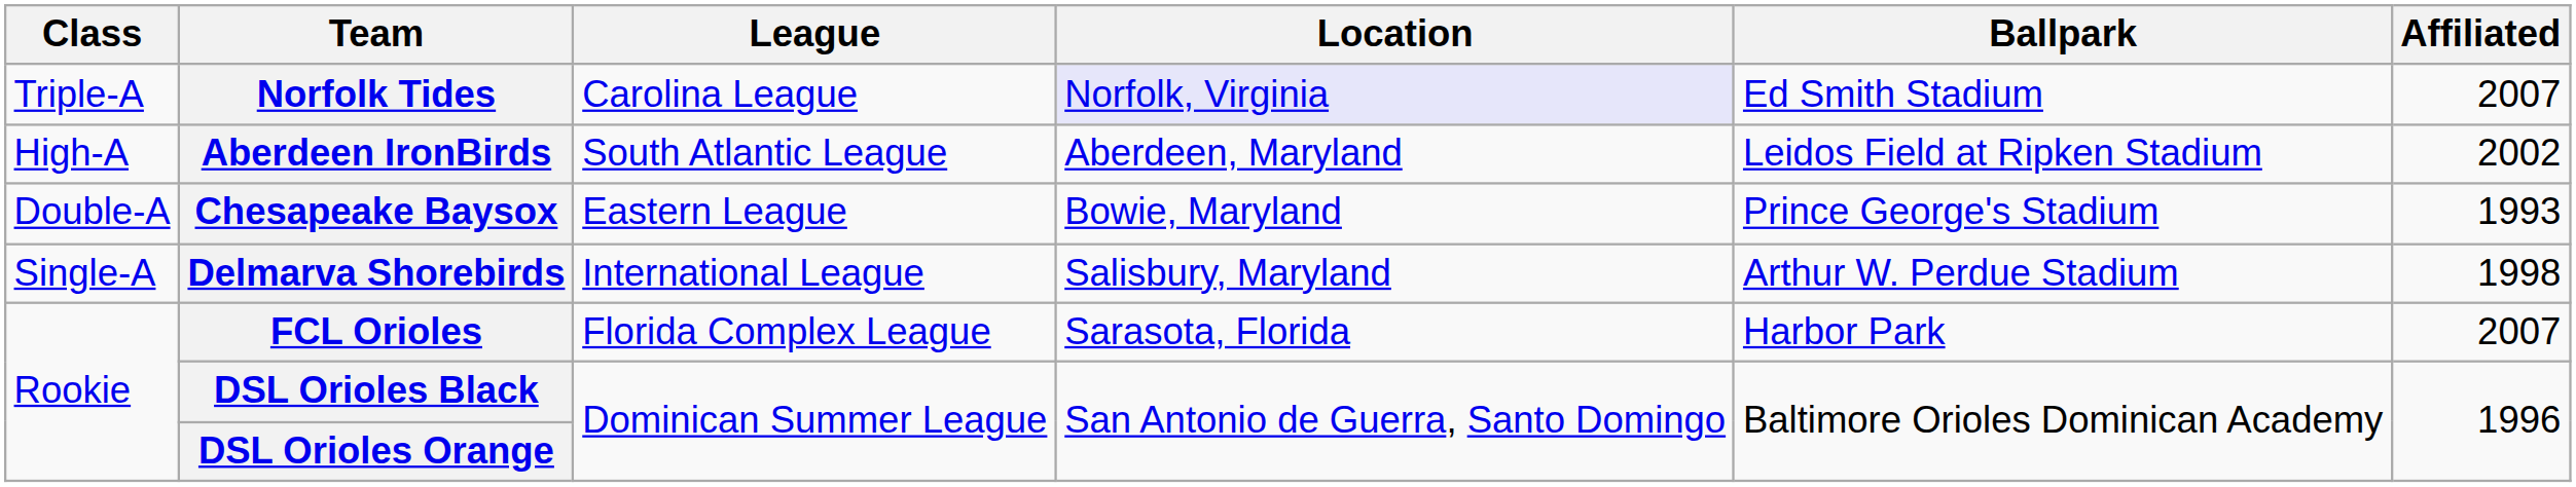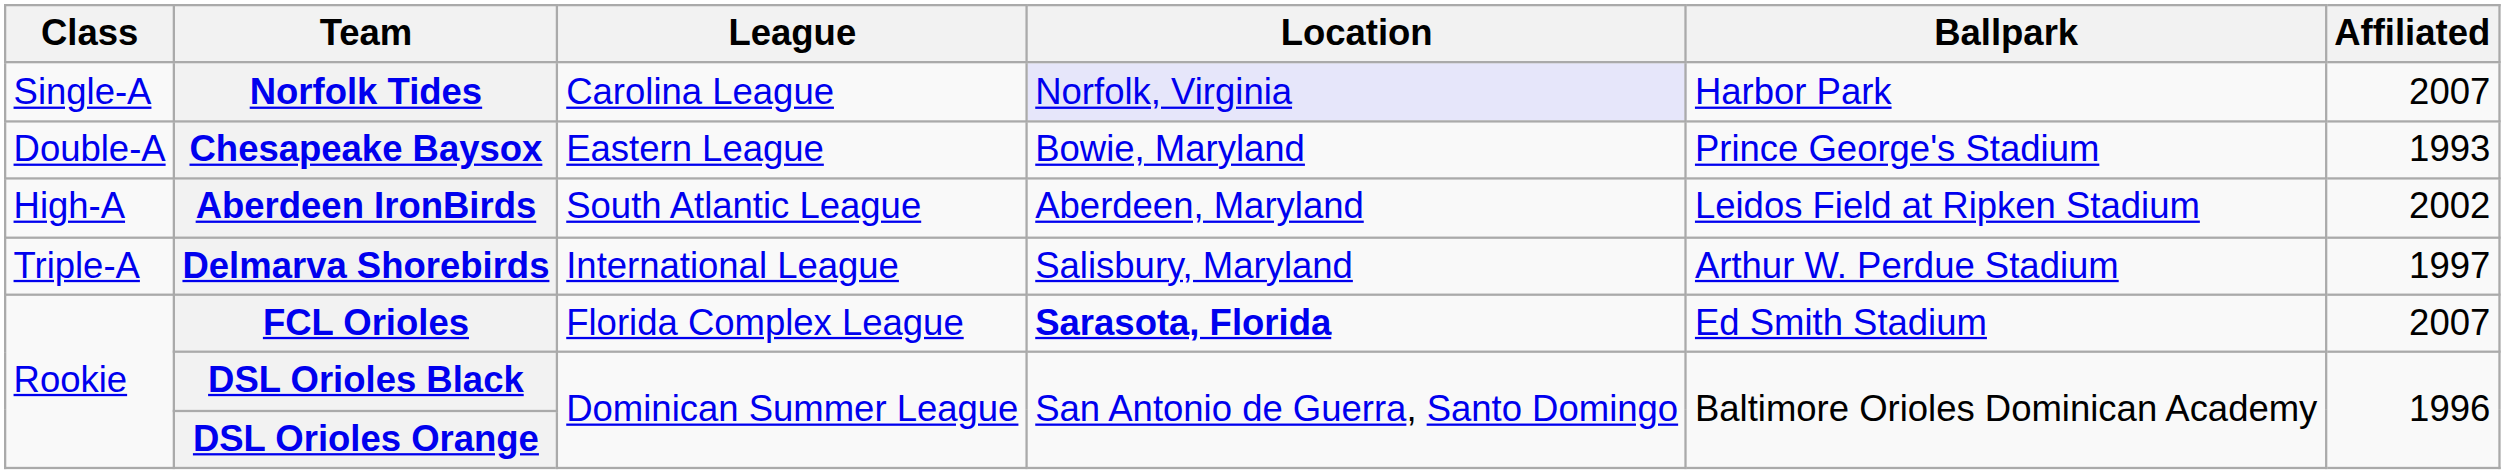 <table class="wikitable plainrowheaders sortable">
 <tr>
 <th scope="col">Class</th>
 <th scope="col">Team</th>
 <th scope="col">League</th>
 <th scope="col">Location</th>
 <th scope="col">Ballpark</th>
 <th scope="col">Affiliated</th>
 </tr>
 <tr>
-<td><a href='#'>Triple-A</a></td>
+<td><a href='#'>Single-A</a></td>
 <th scope="row"><a href='#'>Norfolk Tides</a></th>
 <td><a href='#'>Carolina League</a></td>
 <td style="background: lavender;"><a href='#'>Norfolk, Virginia</a></td>
-<td><a href='#'>Ed Smith Stadium</a></td>
+<td><a href='#'>Harbor Park</a></td>
 <td align="right">2007</td>
+</tr>
+<tr>
+<td><a href='#'>Double-A</a></td>
+<th scope="row"><a href='#'>Chesapeake Baysox</a></th>
+<td><a href='#'>Eastern League</a></td>
+<td><a href='#'>Bowie, Maryland</a></td>
+<td><a href='#'>Prince George's Stadium</a></td>
+<td align="right">1993</td>
 </tr>
 <tr>
 <td><a href='#'>High-A</a></td>
 <th scope="row"><a href='#'>Aberdeen IronBirds</a></th>
 <td><a href='#'>South Atlantic League</a></td>
 <td><a href='#'>Aberdeen, Maryland</a></td>
 <td><a href='#'>Leidos Field at Ripken Stadium</a></td>
 <td align="right">2002</td>
 </tr>
 <tr>
-<td><a href='#'>Double-A</a></td>
-<th scope="row"><a href='#'>Chesapeake Baysox</a></th>
-<td><a href='#'>Eastern League</a></td>
-<td><a href='#'>Bowie, Maryland</a></td>
-<td><a href='#'>Prince George's Stadium</a></td>
-<td align="right">1993</td>
-</tr>
-<tr>
-<td><a href='#'>Single-A</a></td>
+<td><a href='#'>Triple-A</a></td>
 <th scope="row"><a href='#'>Delmarva Shorebirds</a></th>
 <td><a href='#'>International League</a></td>
 <td><a href='#'>Salisbury, Maryland</a></td>
 <td><a href='#'>Arthur W. Perdue Stadium</a></td>
-<td align="right">1998</td>
+<td align="right">1997</td>
 </tr>
 <tr>
 <td rowspan=3><a href='#'>Rookie</a></td>
 <th scope="row"><a href='#'>FCL Orioles</a></th>
 <td><a href='#'>Florida Complex League</a></td>
-<td><a href='#'>Sarasota, Florida</a></td>
-<td><a href='#'>Harbor Park</a></td>
+<td><strong><a href='#'>Sarasota, Florida</a></strong></td>
+<td><a href='#'>Ed Smith Stadium</a></td>
 <td align="right">2007</td>
 </tr>
 <tr>
 <th scope="row"><a href='#'>DSL Orioles Black</a></th>
 <td rowspan=2><a href='#'>Dominican Summer League</a></td>
 <td rowspan=2><a href='#'>San Antonio de Guerra</a>, <a href='#'>Santo Domingo</a></td>
 <td rowspan=2>Baltimore Orioles Dominican Academy</td>
 <td rowspan=2 align="right">1996</td>
 </tr>
 <tr>
 <th scope="row"><a href='#'>DSL Orioles Orange</a></th>
 </tr>
 </table>
